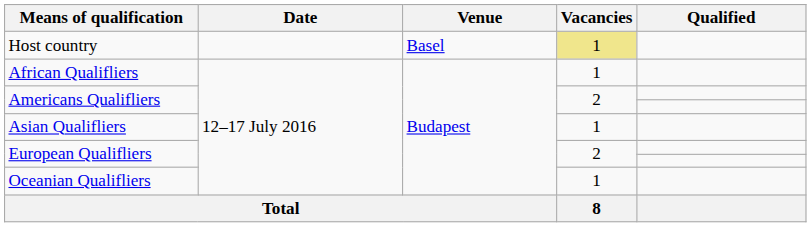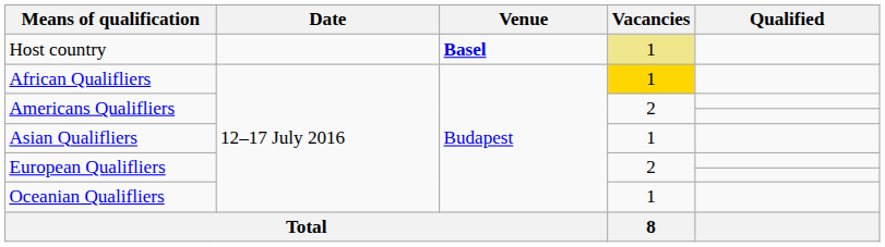 <table class="wikitable" width=750>
 <tr>
 <th width=25%>Means of qualification</th>
 <th width=27%>Date</th>
 <th width=20%>Venue</th>
 <th width=6%>Vacancies</th>
 <th width=22%>Qualified</th>
 </tr>
 <tr>
 <td>Host country</td>
 <td></td>
-<td> <a href='#'>Basel</a></td>
+<td><strong> <a href='#'>Basel</a></strong></td>
 <td style="background: khaki; text-align:center;">1</td>
 <td></td>
 </tr>
 <tr>
 <td><a href='#'>African Qualifliers</a></td>
 <td rowspan=7>12–17 July 2016</td>
 <td rowspan=7> <a href='#'>Budapest</a></td>
-<td style="text-align:center;">1</td>
+<td style="background: gold; text-align:center;">1</td>
 <td></td>
 </tr>
 <tr>
 <td rowspan=2><a href='#'>Americans Qualifliers</a></td>
 <td rowspan=2 style="text-align:center;">2</td>
 <td></td>
 </tr>
 <tr>
 <td></td>
 </tr>
 <tr>
 <td><a href='#'>Asian Qualifliers</a></td>
 <td style="text-align:center;">1</td>
 <td></td>
 </tr>
 <tr>
 <td rowspan=2><a href='#'>European Qualifliers</a></td>
 <td rowspan=2 style="text-align:center;">2</td>
 <td></td>
 </tr>
 <tr>
 <td></td>
 </tr>
 <tr>
 <td><a href='#'>Oceanian Qualifliers</a></td>
 <td style="text-align:center;">1</td>
 <td></td>
 </tr>
 <tr>
 <th colspan=3>Total</th>
 <th>8</th>
 <th></th>
 </tr>
 </table>
